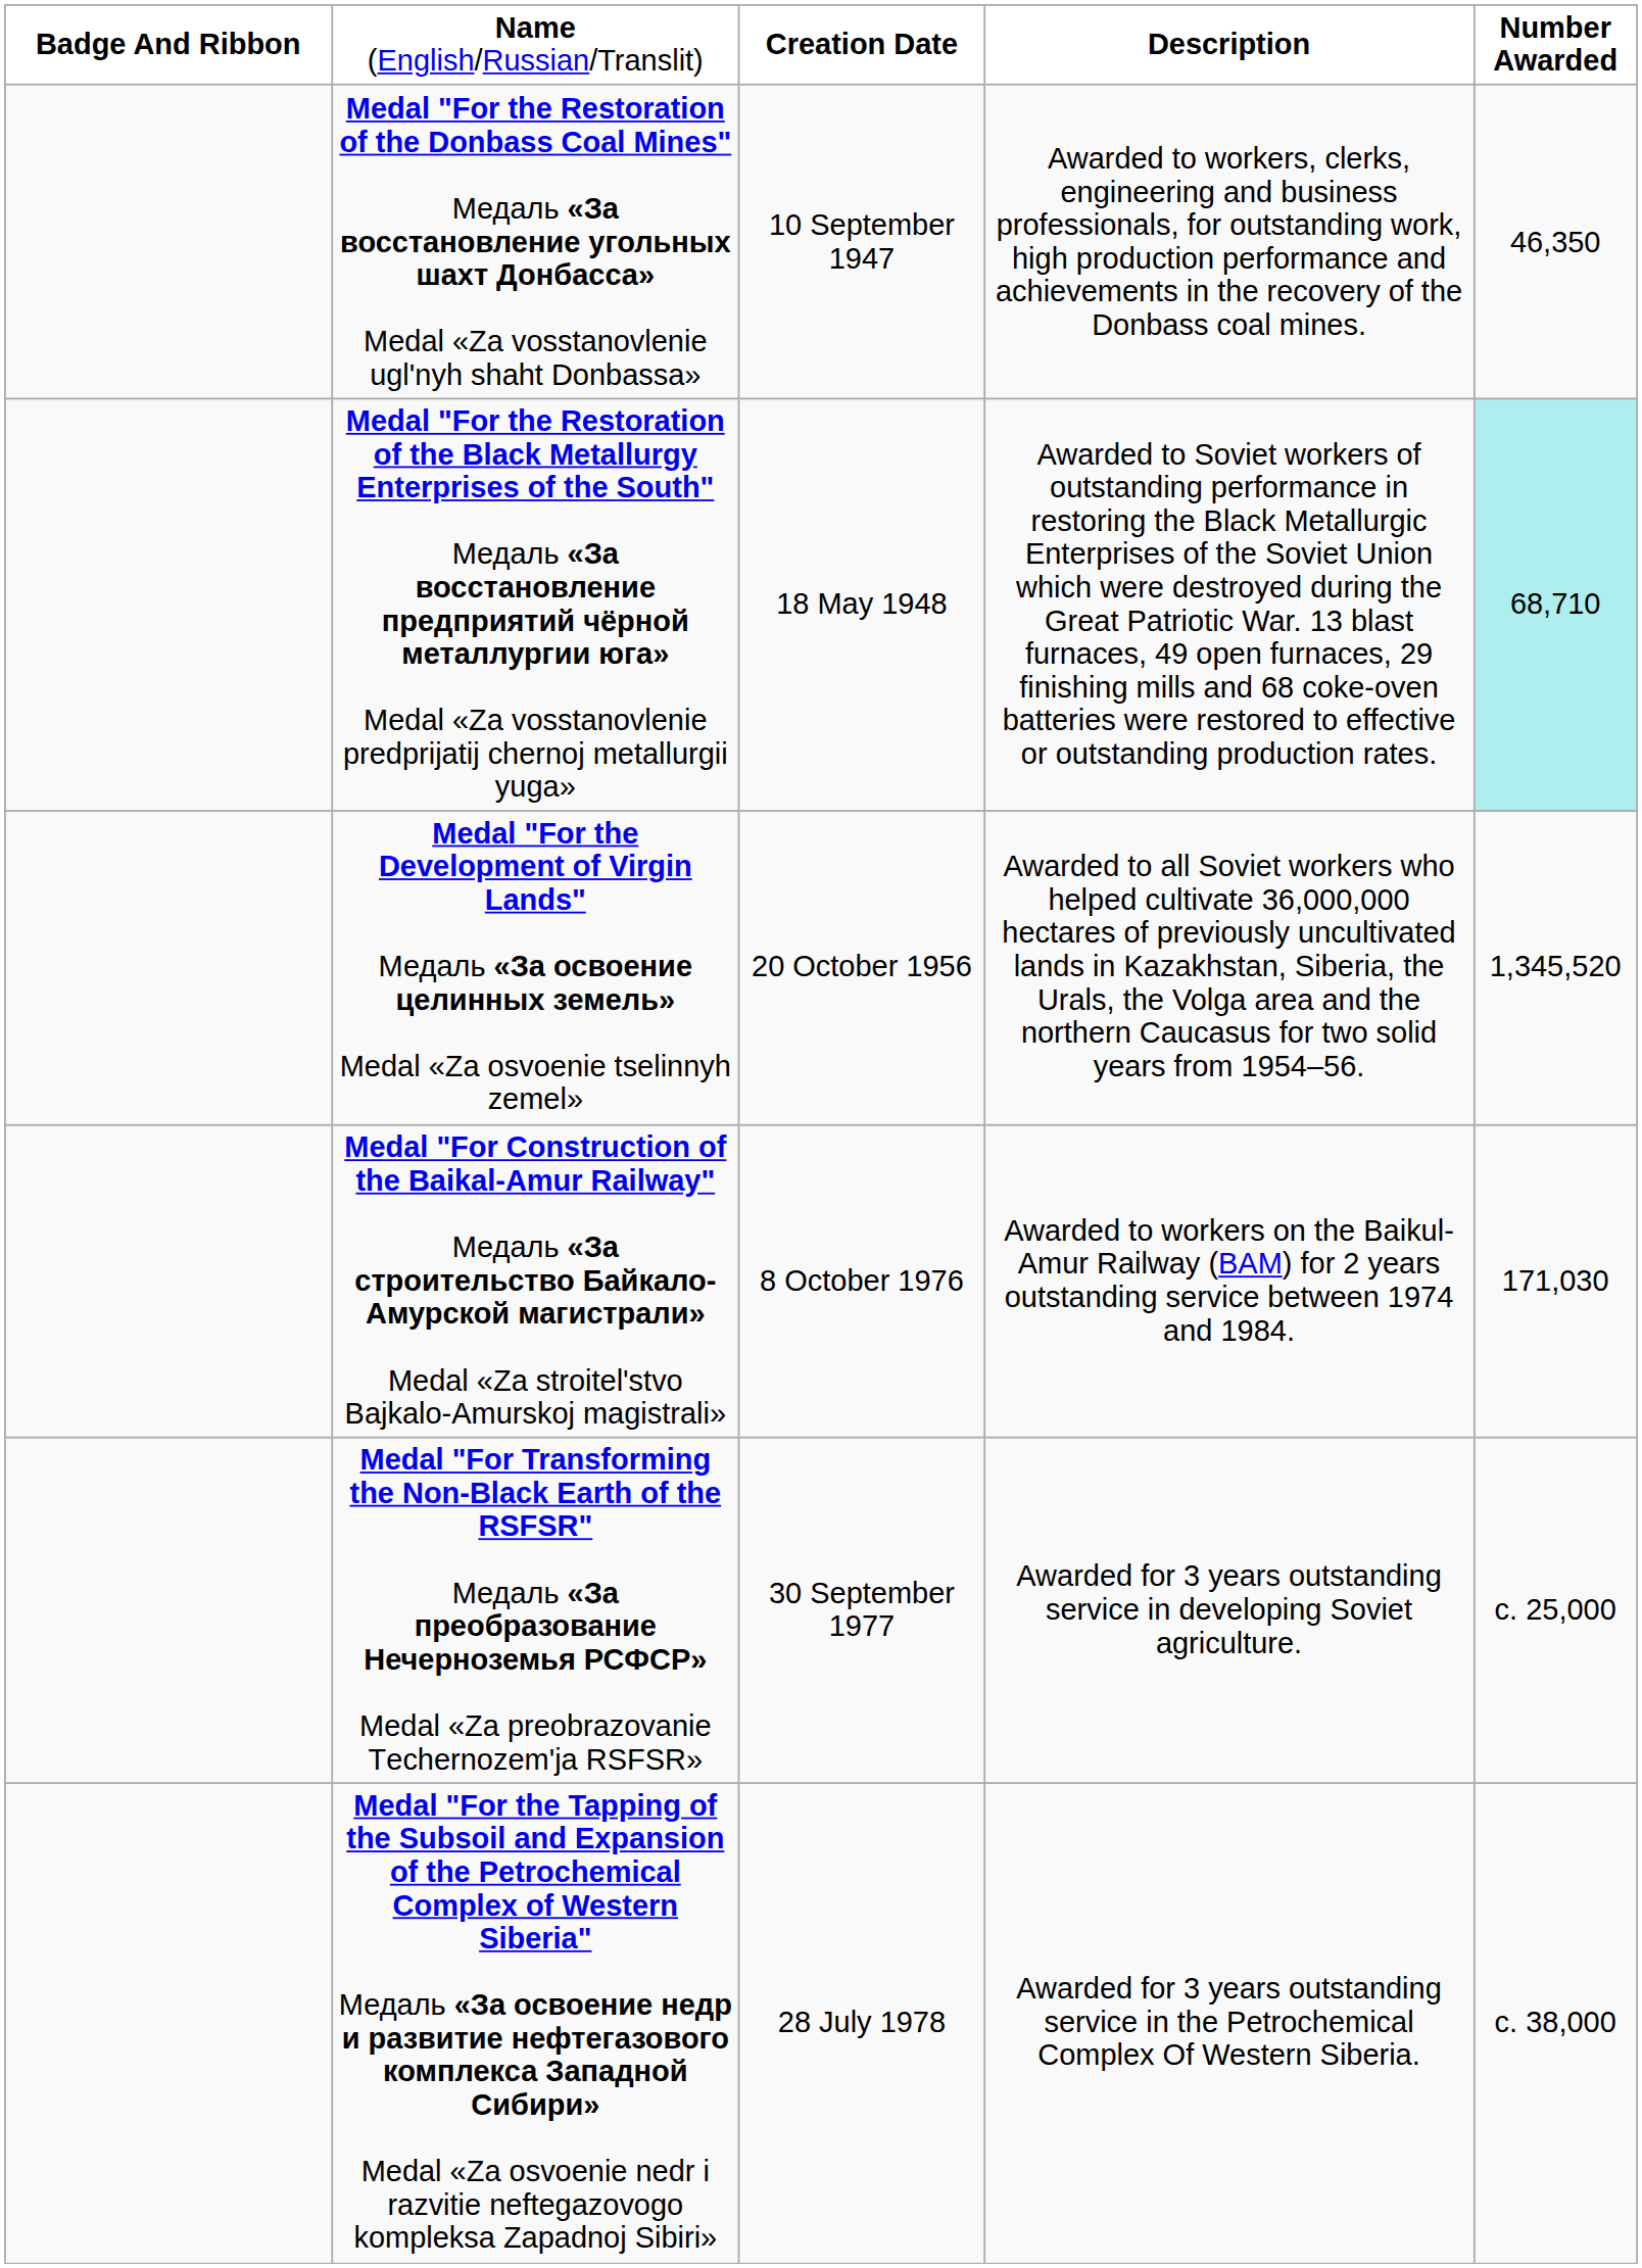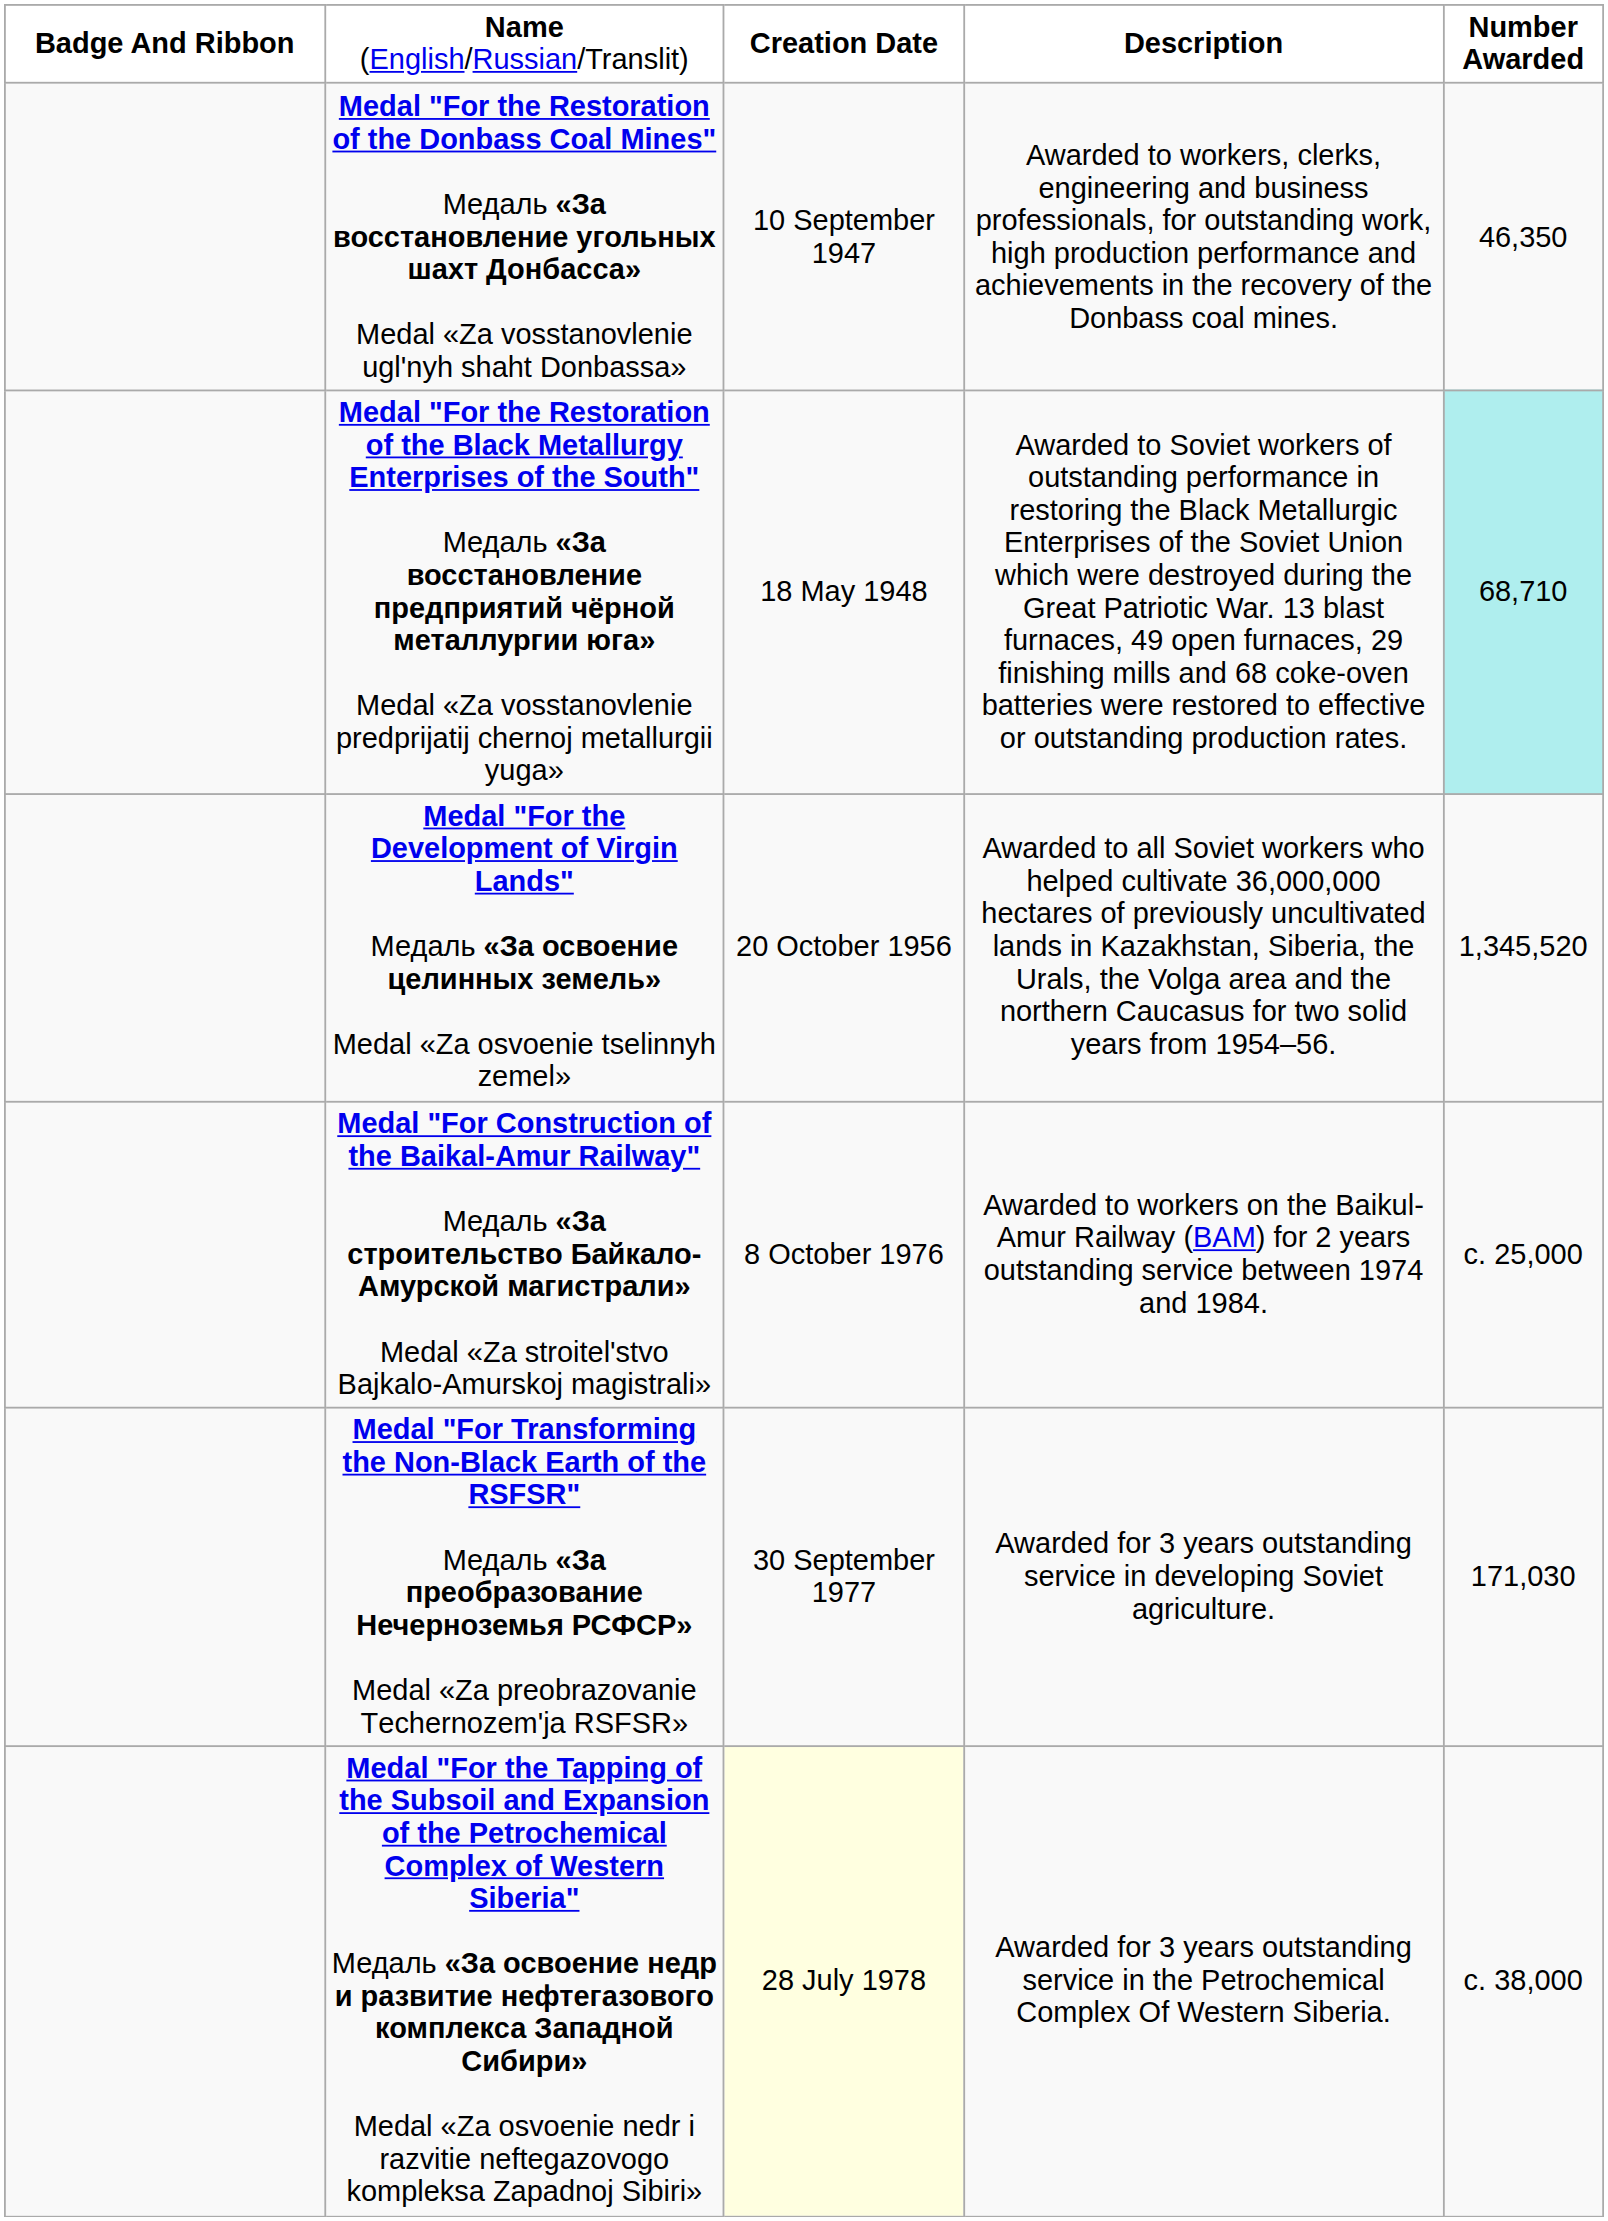 <table class="wikitable" width="100%" style="text-align:center;">
 <tr>
 <td width="20%" bgcolor="#FFFFFF"><strong>Badge And Ribbon</strong></td>
 <td width="25%" bgcolor="#FFFFFF"><strong>Name</strong> (<a href='#'>English</a>/<a href='#'>Russian</a>/Translit)</td>
 <td width="15%" bgcolor="#FFFFFF"><strong>Creation Date</strong></td>
 <td width="30%" bgcolor="#FFFFFF"><strong>Description</strong></td>
 <td width="10%" bgcolor="#FFFFFF"><strong>Number Awarded</strong></td>
 </tr>
 <tr>
 <td><br></td>
 <td><strong><a href='#'>Medal "For the Restoration of the Donbass Coal Mines"</a></strong><br><br>Медаль <strong>«За восстановление угольных шахт Донбасса»</strong><br><br>Medal «Za vosstanovlenie ugl'nyh shaht Donbassa»</td>
 <td>10 September 1947</td>
 <td>Awarded to workers, clerks, engineering and business professionals, for outstanding work, high production performance and achievements in the recovery of the Donbass coal mines.</td>
 <td>46,350</td>
 </tr>
 <tr>
 <td><br></td>
 <td><strong><a href='#'>Medal "For the Restoration of the Black Metallurgy Enterprises of the South"</a></strong><br><br>Медаль <strong>«За восстановление предприятий чёрной металлургии юга»</strong><br><br>Medal «Za vosstanovlenie predprijatij chernoj metallurgii yuga»</td>
 <td>18 May 1948</td>
 <td>Awarded to Soviet workers of outstanding performance in restoring the Black Metallurgic Enterprises of the Soviet Union which were destroyed during the Great Patriotic War. 13 blast furnaces, 49 open furnaces, 29 finishing mills and 68 coke-oven batteries were restored to effective or outstanding production rates.</td>
 <td style="background: paleturquoise;">68,710</td>
 </tr>
 <tr>
 <td><br></td>
 <td><strong><a href='#'>Medal "For the Development of Virgin Lands"</a></strong><br><br>Медаль <strong>«За освоение целинных земель»</strong><br><br>Medal «Za osvoenie tselinnyh zemel»</td>
 <td>20 October 1956</td>
 <td>Awarded to all Soviet workers who helped cultivate 36,000,000 hectares of previously uncultivated lands in Kazakhstan, Siberia, the Urals, the Volga area and the northern Caucasus for two solid years from 1954–56.</td>
 <td>1,345,520</td>
 </tr>
 <tr>
 <td><br></td>
 <td><strong><a href='#'>Medal "For Construction of the Baikal-Amur Railway"</a></strong><br><br>Медаль <strong>«За строительство Байкало-Амурской магистрали»</strong><br><br>Medal «Za stroitel'stvo Bajkalo-Amurskoj magistrali»</td>
 <td>8 October 1976</td>
 <td>Awarded to workers on the Baikul-Amur Railway (<a href='#'>BAM</a>) for 2 years outstanding service between 1974 and 1984.</td>
-<td>171,030</td>
+<td>c. 25,000</td>
 </tr>
 <tr>
 <td><br></td>
 <td><strong><a href='#'>Medal "For Transforming the Non-Black Earth of the RSFSR"</a></strong><br><br>Медаль <strong>«За преобразование Нечерноземья РСФСР»</strong><br><br>Medal «Za preobrazovanie Тechernozem'ja RSFSR»</td>
 <td>30 September 1977</td>
 <td>Awarded for 3 years outstanding service in developing Soviet agriculture.</td>
-<td>c. 25,000</td>
+<td>171,030</td>
 </tr>
 <tr>
 <td><br></td>
 <td><strong><a href='#'>Medal "For the Tapping of the Subsoil and Expansion of the Petrochemical Complex of Western Siberia"</a></strong><br><br>Медаль <strong>«За освоение недр и развитие нефтегазового комплекса Западной Сибири»</strong><br><br>Medal «Za osvoenie nedr i razvitie neftegazovogo kompleksa Zapadnoj Sibiri»</td>
-<td>28 July 1978</td>
+<td style="background: lightyellow;">28 July 1978</td>
 <td>Awarded for 3 years outstanding service in the Petrochemical Complex Of Western Siberia.</td>
 <td>c. 38,000</td>
 </tr>
 </table>
